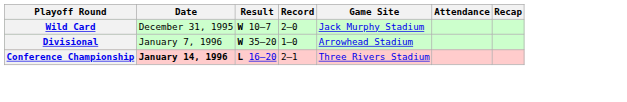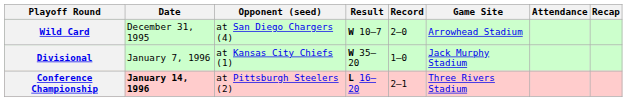 <table class="wikitable">
 <tr>
 <th>Playoff Round</th>
 <th>Date</th>
+<th>Opponent (seed)</th>
 <th>Result</th>
 <th>Record</th>
 <th>Game Site</th>
 <th>Attendance</th>
 <th>Recap</th>
 </tr>
 <tr style="background:#cfc">
 <th><a href='#'>Wild Card</a></th>
 <td>December 31, 1995</td>
+<td>at <a href='#'>San Diego Chargers</a> (4)</td>
 <td><strong>W</strong> 10–7</td>
 <td>2–0</td>
-<td><a href='#'>Jack Murphy Stadium</a></td>
+<td><a href='#'>Arrowhead Stadium</a></td>
 <td></td>
 <td></td>
 </tr>
 <tr style="background:#cfc">
 <th><a href='#'>Divisional</a></th>
 <td>January 7, 1996</td>
+<td>at <a href='#'>Kansas City Chiefs</a> (1)</td>
 <td><strong>W</strong> 35–20</td>
 <td>1–0</td>
-<td><a href='#'>Arrowhead Stadium</a></td>
+<td><a href='#'>Jack Murphy Stadium</a></td>
 <td></td>
 <td></td>
 </tr>
 <tr style="background:#fcc">
 <th><a href='#'>Conference Championship</a></th>
 <td><strong>January 14, 1996</strong></td>
+<td>at <a href='#'>Pittsburgh Steelers</a> (2)</td>
 <td><strong>L</strong> <a href='#'>16–20</a></td>
 <td>2–1</td>
 <td><a href='#'>Three Rivers Stadium</a></td>
 <td></td>
 <td></td>
 </tr>
 </table>
